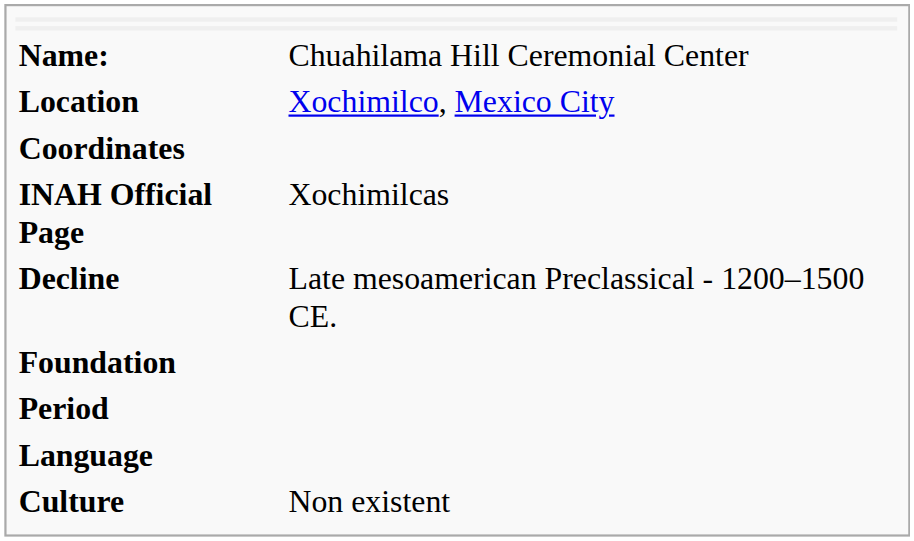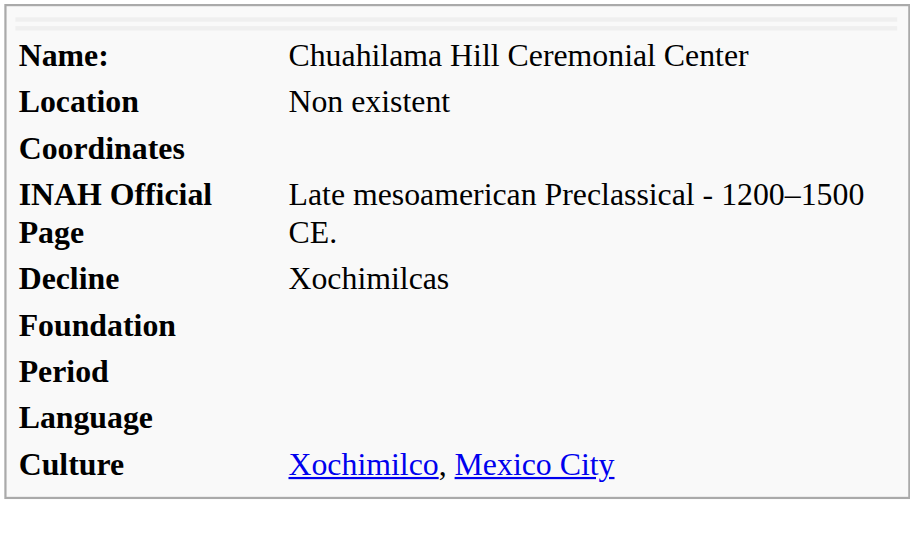 <table class="infobox" style="font-size:90%; text-align:left; width:28.5em">
 <tr>
 <td style="background:#efefef;" align="center" colspan="2"></td>
 </tr>
 <tr>
 <td style="background:#efefef;" align="center" colspan="2"></td>
 </tr>
 <tr>
 <td><strong>Name:</strong></td>
 <td><span> Chuahilama Hill Ceremonial Center</span></td>
 </tr>
 <tr>
 <td><strong>Location</strong></td>
-<td><a href='#'>Xochimilco</a>, <a href='#'>Mexico City</a> <br></td>
+<td>Non existent</td>
 </tr>
 <tr>
 <td><strong>Coordinates</strong></td>
 <td></td>
 </tr>
 <tr>
 <td><strong>INAH Official Page</strong></td>
-<td>Xochimilcas</td>
+<td>Late mesoamerican Preclassical - 1200–1500 CE.</td>
 </tr>
 <tr>
 <td><strong>Decline</strong></td>
-<td>Late mesoamerican Preclassical - 1200–1500 CE.</td>
+<td>Xochimilcas</td>
 </tr>
 <tr>
 <td><strong>Foundation</strong></td>
 <td></td>
 </tr>
 <tr>
 <td><strong>Period</strong></td>
 <td></td>
 </tr>
 <tr>
 <td><strong>Language</strong></td>
 <td></td>
 </tr>
 <tr>
 <td><strong>Culture</strong></td>
-<td>Non existent</td>
+<td><a href='#'>Xochimilco</a>, <a href='#'>Mexico City</a> <br></td>
 </tr>
 </table>
